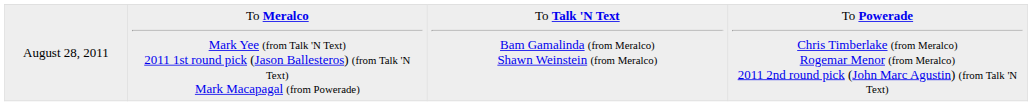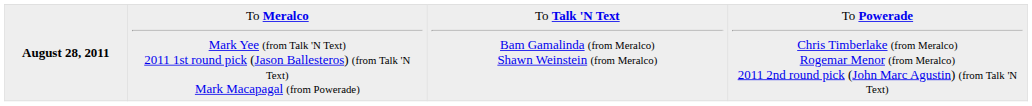 <table border=1 style="border-collapse:collapse; text-align: center; width: 100%" bordercolor="#DFDFDF"  cellpadding="5">
 <tr>
 </tr>
 <tr bgcolor="eeeeee">
-<td style="width:12%">August 28, 2011</td>
+<td style="width:12%"><strong>August 28, 2011</strong></td>
 <td style="width:29.3%" valign="top">To <strong><a href='#'>Meralco</a></strong><hr><a href='#'>Mark Yee</a> <small>(from Talk 'N Text)</small> <br> <a href='#'>2011 1st round pick</a> (<a href='#'>Jason Ballesteros</a>) <small>(from Talk 'N Text)</small><br><a href='#'>Mark Macapagal</a> <small>(from Powerade)</small></td>
 <td style="width:29.3%" valign="top">To <strong><a href='#'>Talk 'N Text</a></strong><hr><a href='#'>Bam Gamalinda</a> <small>(from Meralco)</small> <br> <a href='#'>Shawn Weinstein</a> <small>(from Meralco)</small></td>
 <td style="width:29.3%" valign="top">To <strong><a href='#'>Powerade</a></strong><hr><a href='#'>Chris Timberlake</a>  <small>(from Meralco)</small> <br> <a href='#'>Rogemar Menor</a>  <small>(from Meralco)</small> <br> <a href='#'>2011 2nd round pick</a> (<a href='#'>John Marc Agustin</a>) <small>(from Talk 'N Text)</small></td>
 </tr>
 </table>
